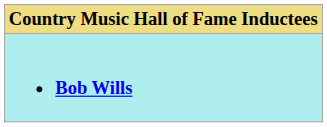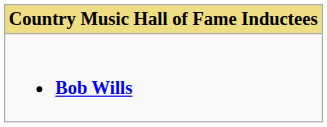 <table class="wikitable">
 <tr>
 <th style="background:#EEDD82; width=50%">Country Music Hall of Fame Inductees</th>
 </tr>
 <tr>
-<td valign="top" style="background: paleturquoise;"><br><ul><li><strong><a href='#'>Bob Wills</a></strong></li></ul></td>
+<td valign="top"><br><ul><li><strong><a href='#'>Bob Wills</a></strong></li></ul></td>
 </tr>
 </table>
